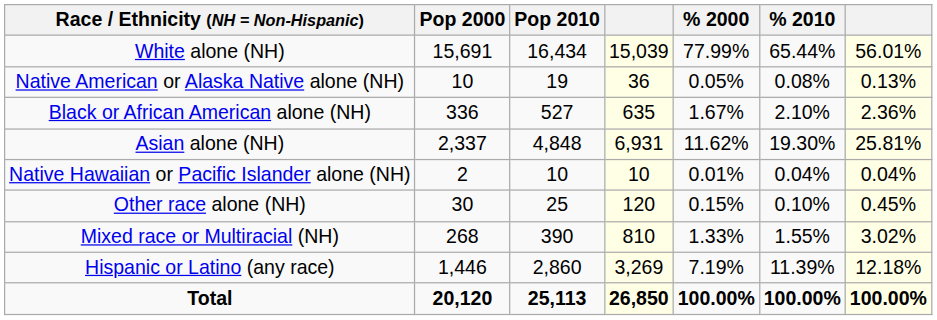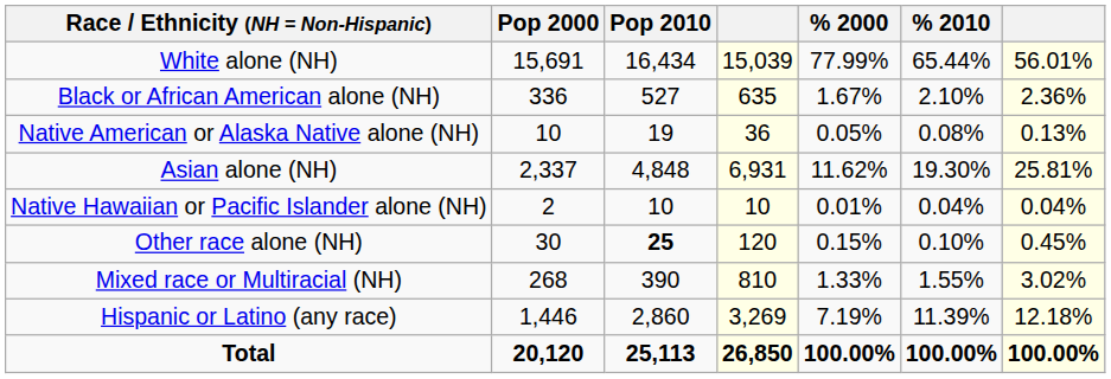 <table class="wikitable" style="text-align:center;">
 <tr>
 <th>Race / Ethnicity <small>(<em>NH = Non-Hispanic</em>)</small></th>
 <th>Pop 2000</th>
 <th>Pop 2010</th>
 <th></th>
 <th>% 2000</th>
 <th>% 2010</th>
 <th></th>
 </tr>
 <tr>
 <td><a href='#'>White</a> alone (NH)</td>
 <td>15,691</td>
 <td>16,434</td>
 <td style='background: #ffffe6;'>15,039</td>
 <td>77.99%</td>
 <td>65.44%</td>
 <td style='background: #ffffe6;'>56.01%</td>
 </tr>
 <tr>
+<td><a href='#'>Black or African American</a> alone (NH)</td>
+<td>336</td>
+<td>527</td>
+<td style='background: #ffffe6;'>635</td>
+<td>1.67%</td>
+<td>2.10%</td>
+<td style='background: #ffffe6;'>2.36%</td>
+</tr>
+<tr>
 <td><a href='#'>Native American</a> or <a href='#'>Alaska Native</a> alone (NH)</td>
 <td>10</td>
 <td>19</td>
 <td style='background: #ffffe6;'>36</td>
 <td>0.05%</td>
 <td>0.08%</td>
 <td style='background: #ffffe6;'>0.13%</td>
-</tr>
-<tr>
-<td><a href='#'>Black or African American</a> alone (NH)</td>
-<td>336</td>
-<td>527</td>
-<td style='background: #ffffe6;'>635</td>
-<td>1.67%</td>
-<td>2.10%</td>
-<td style='background: #ffffe6;'>2.36%</td>
 </tr>
 <tr>
 <td><a href='#'>Asian</a> alone (NH)</td>
 <td>2,337</td>
 <td>4,848</td>
 <td style='background: #ffffe6;'>6,931</td>
 <td>11.62%</td>
 <td>19.30%</td>
 <td style='background: #ffffe6;'>25.81%</td>
 </tr>
 <tr>
 <td><a href='#'>Native Hawaiian</a> or <a href='#'>Pacific Islander</a> alone (NH)</td>
 <td>2</td>
 <td>10</td>
 <td style='background: #ffffe6;'>10</td>
 <td>0.01%</td>
 <td>0.04%</td>
 <td style='background: #ffffe6;'>0.04%</td>
 </tr>
 <tr>
 <td><a href='#'>Other race</a> alone (NH)</td>
 <td>30</td>
-<td>25</td>
+<td><strong>25</strong></td>
 <td style='background: #ffffe6;'>120</td>
 <td>0.15%</td>
 <td>0.10%</td>
 <td style='background: #ffffe6;'>0.45%</td>
 </tr>
 <tr>
 <td><a href='#'>Mixed race or Multiracial</a> (NH)</td>
 <td>268</td>
 <td>390</td>
 <td style='background: #ffffe6;'>810</td>
 <td>1.33%</td>
 <td>1.55%</td>
 <td style='background: #ffffe6;'>3.02%</td>
 </tr>
 <tr>
 <td><a href='#'>Hispanic or Latino</a> (any race)</td>
 <td>1,446</td>
 <td>2,860</td>
 <td style='background: #ffffe6;'>3,269</td>
 <td>7.19%</td>
 <td>11.39%</td>
 <td style='background: #ffffe6;'>12.18%</td>
 </tr>
 <tr>
 <td><strong>Total</strong></td>
 <td><strong>20,120</strong></td>
 <td><strong>25,113</strong></td>
 <td style='background: #ffffe6;'><strong>26,850</strong></td>
 <td><strong>100.00%</strong></td>
 <td><strong>100.00%</strong></td>
 <td style='background: #ffffe6;'><strong>100.00%</strong></td>
 </tr>
 </table>
